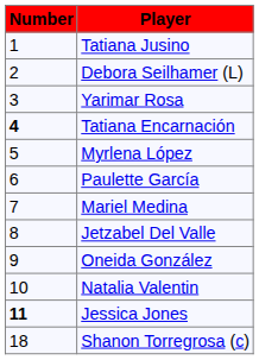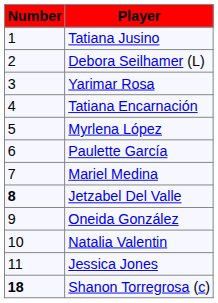 <table bgcolor="#f7f8ff" cellpadding="3" cellspacing="0" border="1" style="font-size: 95%; border: gray solid 1px; border-collapse: collapse;">
 <tr bgcolor="#ff0000">
 <td align=center><strong>Number</strong></td>
 <td align=center><strong>Player</strong></td>
 </tr>
 <tr align="left">
 <td>1</td>
 <td> <a href='#'>Tatiana Jusino</a></td>
 </tr>
 <tr align=left>
 <td>2</td>
 <td> <a href='#'>Debora Seilhamer</a> (L)</td>
 </tr>
 <tr align="left">
 <td>3</td>
 <td> <a href='#'>Yarimar Rosa</a></td>
 </tr>
 <tr align="left">
-<td><strong>4</strong></td>
+<td>4</td>
 <td> <a href='#'>Tatiana Encarnación</a></td>
 </tr>
 <tr align="left">
 <td>5</td>
 <td> <a href='#'>Myrlena López</a></td>
 </tr>
 <tr align="left">
 <td>6</td>
 <td> <a href='#'>Paulette García</a></td>
 </tr>
 <tr align="left">
 <td>7</td>
 <td> <a href='#'>Mariel Medina</a></td>
 </tr>
 <tr align="left">
-<td>8</td>
+<td><strong>8</strong></td>
 <td> <a href='#'>Jetzabel Del Valle</a></td>
 </tr>
 <tr align="left">
 <td>9</td>
 <td> <a href='#'>Oneida González</a></td>
 </tr>
 <tr align="left">
 <td>10</td>
 <td> <a href='#'>Natalia Valentin</a></td>
 </tr>
 <tr align="left">
-<td><strong>11</strong></td>
+<td>11</td>
 <td> <a href='#'>Jessica Jones</a></td>
 </tr>
 <tr align="left">
-<td>18</td>
+<td><strong>18</strong></td>
 <td> <a href='#'>Shanon Torregrosa</a> (<a href='#'>c</a>)</td>
 </tr>
 </table>
